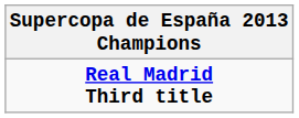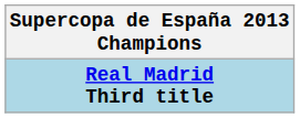 <table class=wikitable style="text-align:center; margin:auto">
 <tr>
 <th>Supercopa de España 2013 <br> Champions</th>
 </tr>
 <tr>
-<td><strong><a href='#'>Real Madrid</a></strong> <br> <strong>Third title</strong></td>
+<td style="background: lightblue;"><strong><a href='#'>Real Madrid</a></strong> <br> <strong>Third title</strong></td>
 </tr>
 </table>
